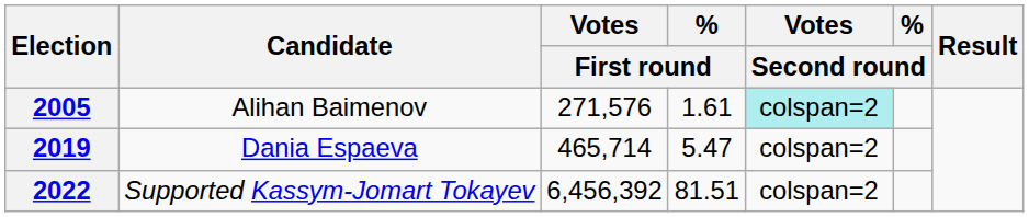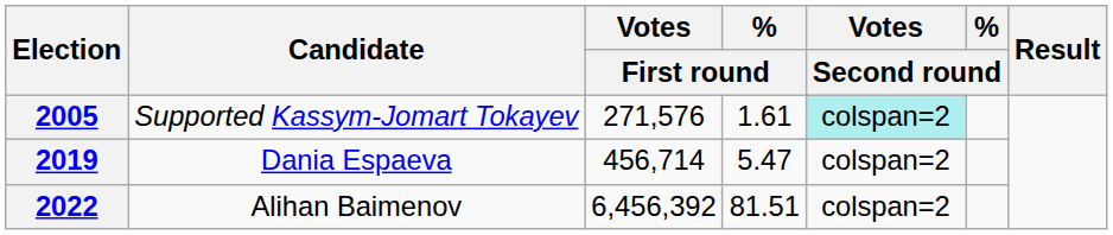 <table class="wikitable" style="text-align:center">
 <tr>
 <th rowspan="2"><strong>Election</strong></th>
 <th rowspan="2">Candidate</th>
 <th><strong>Votes</strong></th>
 <th><strong>%</strong></th>
 <th><strong>Votes</strong></th>
 <th><strong>%</strong></th>
 <th rowspan="2"><strong>Result</strong></th>
 </tr>
 <tr>
 <th colspan="2">First round</th>
 <th colspan="2">Second round</th>
 </tr>
 <tr>
 <th><a href='#'>2005</a></th>
-<td>Alihan Baimenov</td>
+<td><em>Supported <a href='#'>Kassym-Jomart Tokayev</a></em></td>
 <td>271,576</td>
 <td>1.61</td>
 <td style="background: paleturquoise;">colspan=2 </td>
 <td></td>
 </tr>
 <tr>
 <th><a href='#'>2019</a></th>
 <td><a href='#'>Dania Espaeva</a></td>
-<td>465,714</td>
+<td>456,714</td>
 <td>5.47</td>
 <td>colspan=2 </td>
 <td></td>
 </tr>
 <tr>
 <th><a href='#'>2022</a></th>
-<td><em>Supported <a href='#'>Kassym-Jomart Tokayev</a></em></td>
+<td>Alihan Baimenov</td>
 <td>6,456,392</td>
 <td>81.51</td>
 <td>colspan=2 </td>
 <td></td>
 </tr>
 </table>
